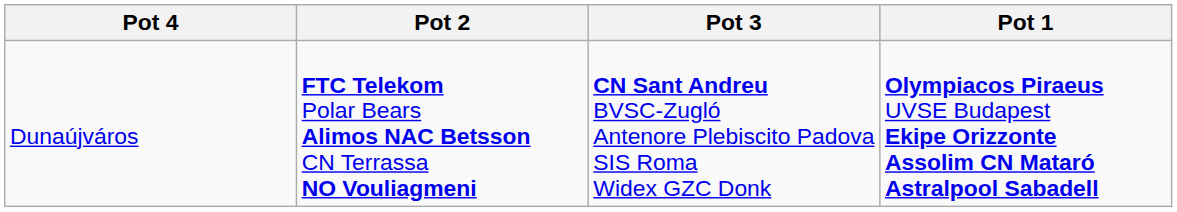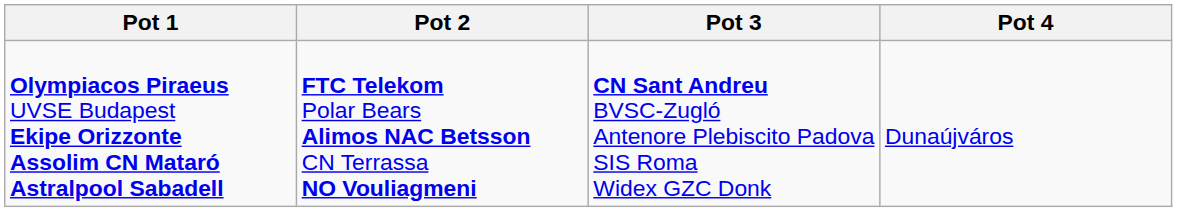 <table class="wikitable">
 <tr>
-<th width=25%>Pot 4</th>
+<th width=25%>Pot 1</th>
 <th width=25%>Pot 2</th>
 <th width=25%>Pot 3</th>
-<th width=25%>Pot 1</th>
+<th width=25%>Pot 4</th>
 </tr>
 <tr>
-<td><br> <a href='#'>Dunaújváros</a></td>
+<td><br> <strong><a href='#'>Olympiacos Piraeus</a></strong><br>  <a href='#'>UVSE Budapest</a><br>  <strong><a href='#'>Ekipe Orizzonte</a></strong> <br>  <strong><a href='#'>Assolim CN Mataró</a></strong><br>  <strong><a href='#'>Astralpool Sabadell</a></strong></td>
 <td><br> <strong><a href='#'>FTC Telekom</a></strong><br>  <a href='#'>Polar Bears</a><br>  <strong><a href='#'>Alimos NAC Betsson</a></strong> <br>  <a href='#'>CN Terrassa</a><br>  <strong><a href='#'>NO Vouliagmeni</a></strong></td>
 <td><br> <strong><a href='#'>CN Sant Andreu</a></strong><br>  <a href='#'>BVSC-Zugló</a><br>  <a href='#'>Antenore Plebiscito Padova</a><br>  <a href='#'>SIS Roma</a><br>  <a href='#'>Widex GZC Donk</a><br></td>
-<td><br> <strong><a href='#'>Olympiacos Piraeus</a></strong><br>  <a href='#'>UVSE Budapest</a><br>  <strong><a href='#'>Ekipe Orizzonte</a></strong> <br>  <strong><a href='#'>Assolim CN Mataró</a></strong><br>  <strong><a href='#'>Astralpool Sabadell</a></strong></td>
+<td><br> <a href='#'>Dunaújváros</a></td>
 </tr>
 </table>
